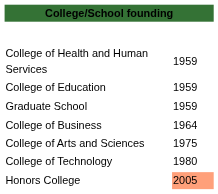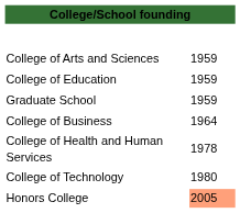 <table class="toccolours"  style="float:right; margin-left:1em; font-size:80%; line-height:1.4em; width:250px;" id="Schools_at_Eastern_Michigan_Univerity">
 <tr>
 <th colspan="2" style="text-align: center; background:#347235"><span><strong>College/School founding</strong></span></th>
 </tr>
 <tr>
 <td style="width:80%;"></td>
 <td style="width:20%;"></td>
 </tr>
 <tr>
 <td colspan="2"><br></td>
 </tr>
 <tr>
-<td>College of Health and Human Services</td>
+<td>College of Arts and Sciences</td>
 <td>1959</td>
 </tr>
 <tr>
 <td>College of Education</td>
 <td>1959</td>
 </tr>
 <tr>
 <td>Graduate School</td>
 <td>1959</td>
 </tr>
 <tr>
 <td>College of Business</td>
 <td>1964</td>
 </tr>
 <tr>
-<td>College of Arts and Sciences</td>
-<td>1975</td>
+<td>College of Health and Human Services</td>
+<td>1978</td>
 </tr>
 <tr>
 <td>College of Technology</td>
 <td>1980</td>
 </tr>
 <tr>
 <td>Honors College</td>
 <td style="background: lightsalmon;">2005</td>
 </tr>
 </table>
